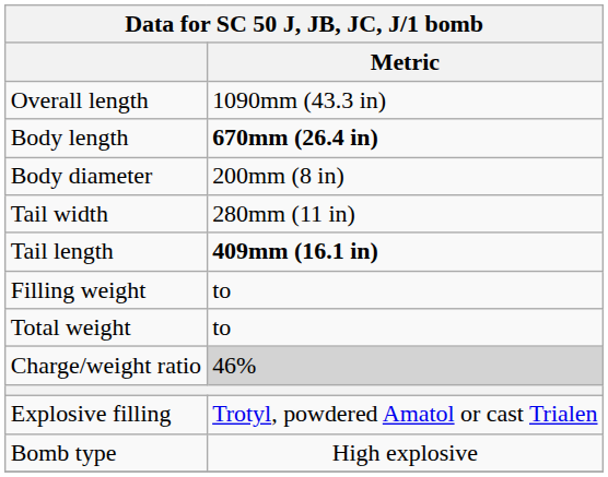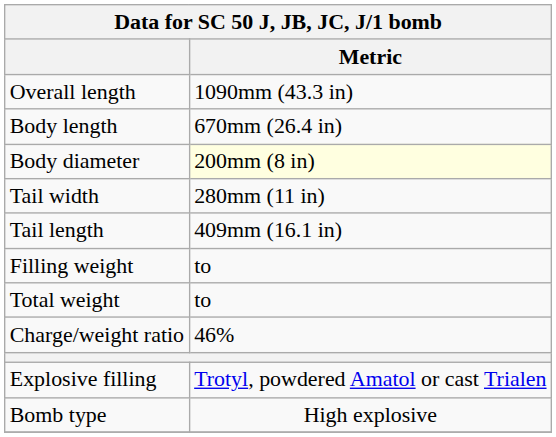 <table class="wikitable" style="margin-right: auto; margin-right: 0px;">
 <tr>
 <th colspan = "4">Data for <strong>SC 50 J, JB, JC, J/1</strong> bomb</th>
 </tr>
 <tr>
 <th colspan = "1"></th>
 <th colspan = "1">Metric</th>
 </tr>
 <tr>
 <td>Overall length</td>
 <td>1090mm (43.3 in)</td>
 </tr>
 <tr>
 <td>Body length</td>
-<td><strong>670mm (26.4 in)</strong></td>
+<td>670mm (26.4 in)</td>
 </tr>
 <tr>
 <td>Body diameter</td>
-<td>200mm (8 in)</td>
+<td style="background: lightyellow;">200mm (8 in)</td>
 </tr>
 <tr>
 <td>Tail width</td>
 <td>280mm (11 in)</td>
 </tr>
 <tr>
 <td>Tail length</td>
-<td><strong>409mm (16.1 in)</strong></td>
+<td>409mm (16.1 in)</td>
 </tr>
 <tr>
 <td>Filling weight</td>
 <td> to </td>
 </tr>
 <tr>
 <td>Total weight</td>
 <td> to </td>
 </tr>
 <tr>
 <td>Charge/weight ratio</td>
-<td style="background: lightgrey;">46%</td>
+<td>46%</td>
 </tr>
 <tr>
 <th colspan = "3"></th>
 </tr>
 <tr>
 <td>Explosive filling</td>
 <td colspan="2;" style="text-align:center;"><a href='#'>Trotyl</a>, powdered <a href='#'>Amatol</a> or cast <a href='#'>Trialen</a></td>
 </tr>
 <tr>
 <td>Bomb type</td>
 <td colspan="2;" style="text-align:center;">High explosive</td>
 </tr>
 <tr>
 </tr>
 </table>
